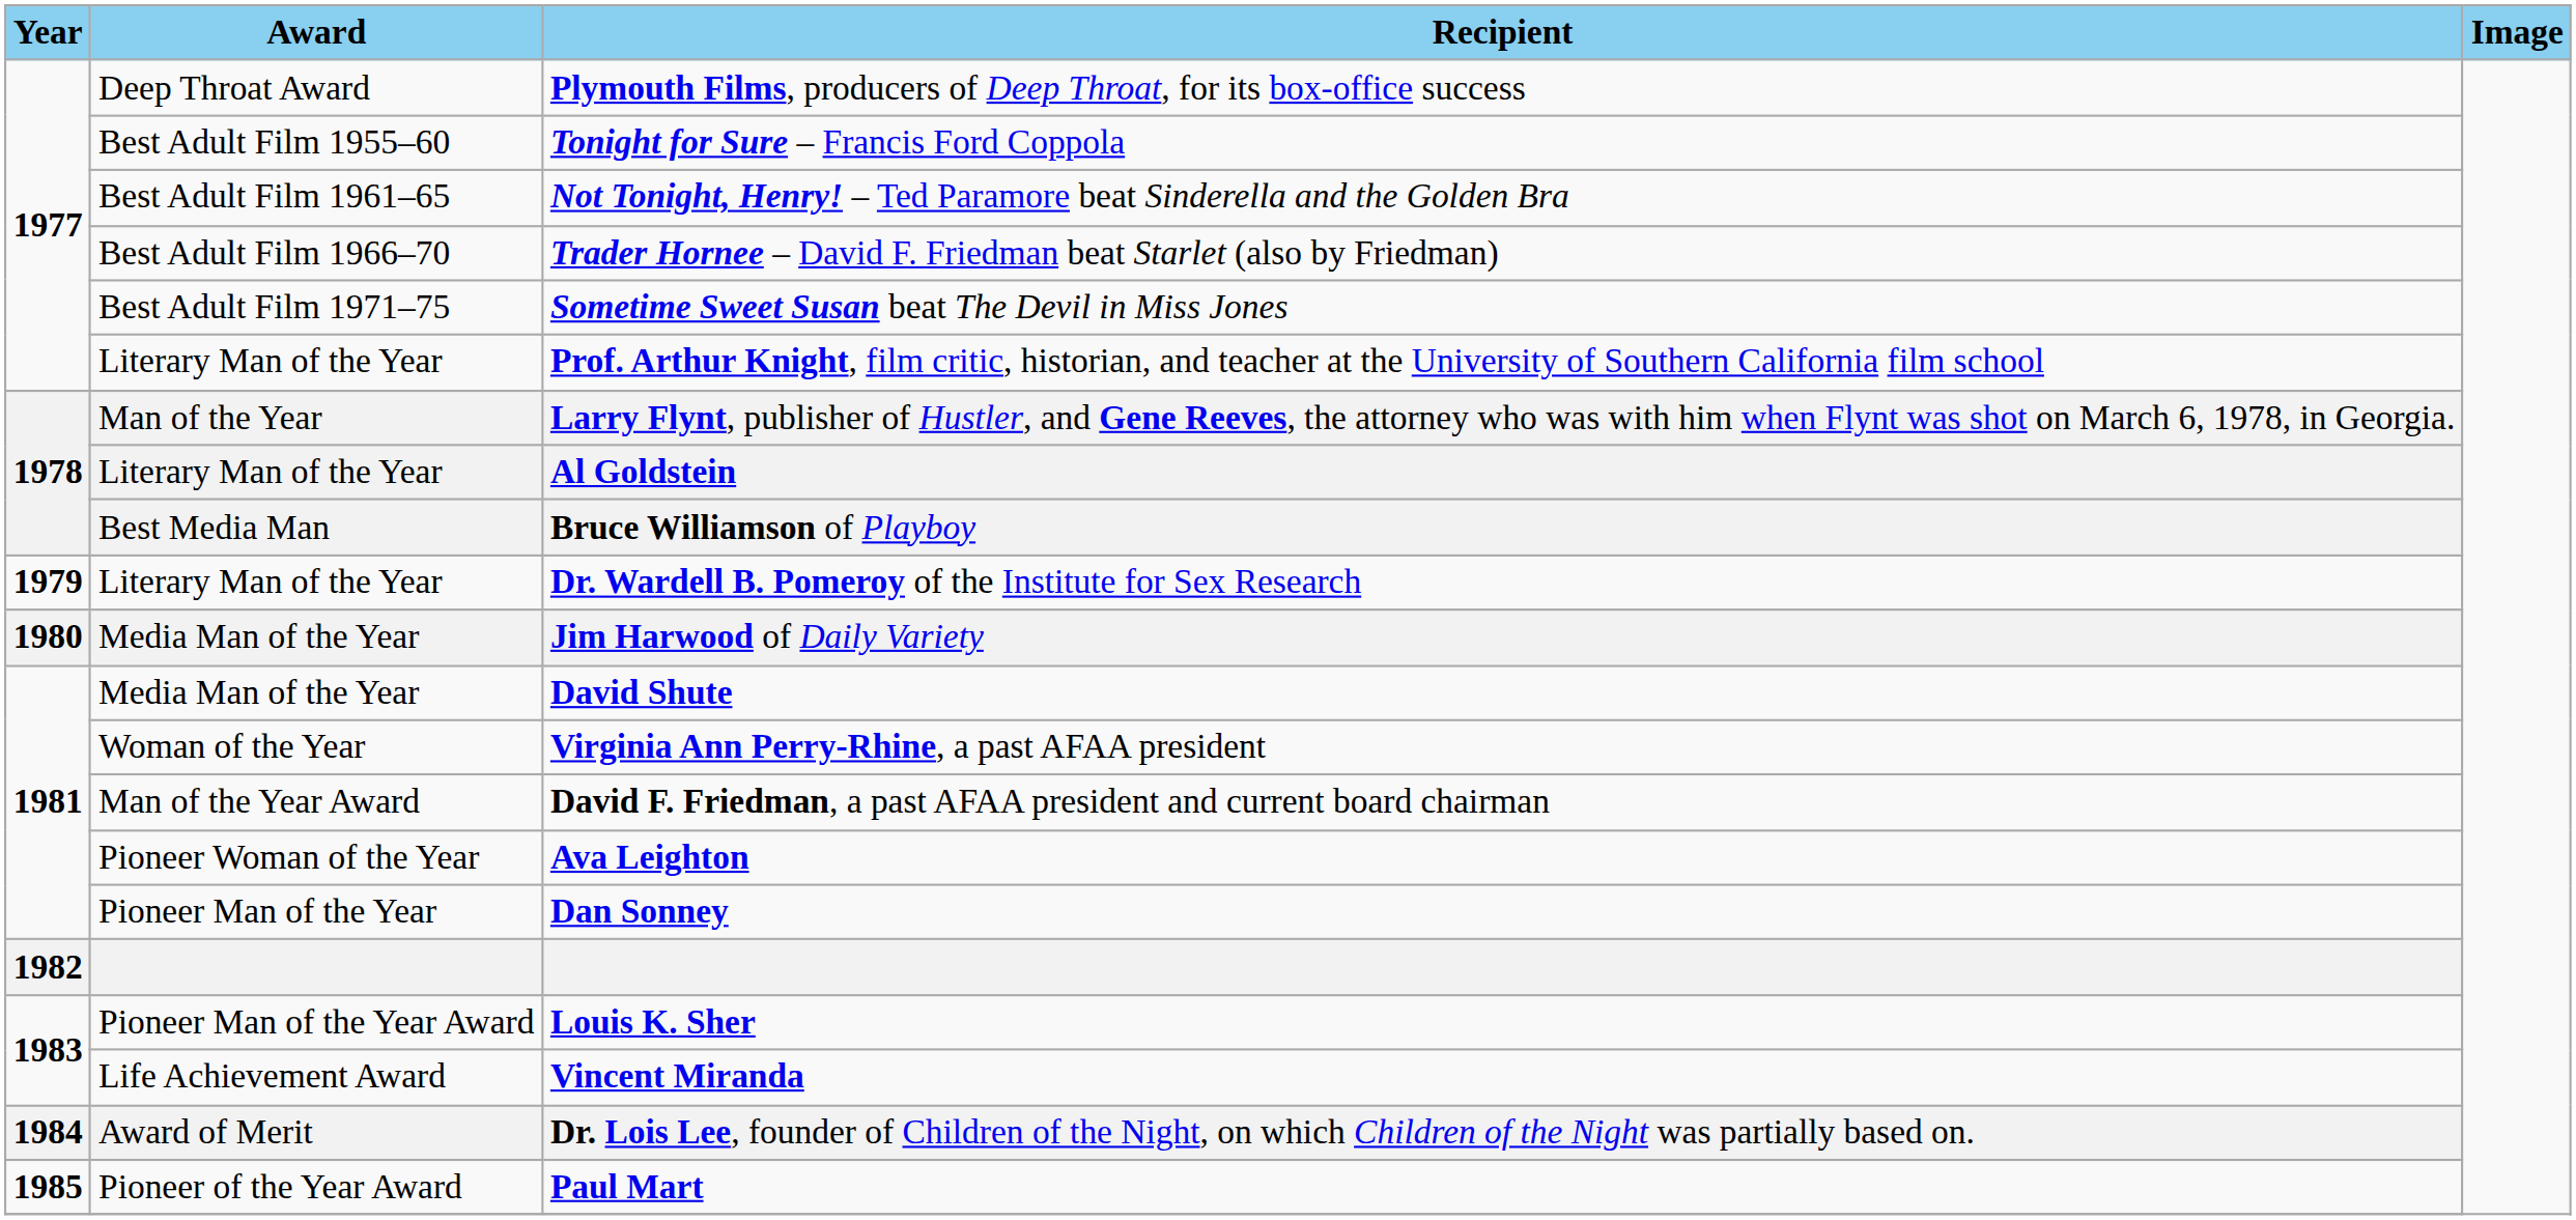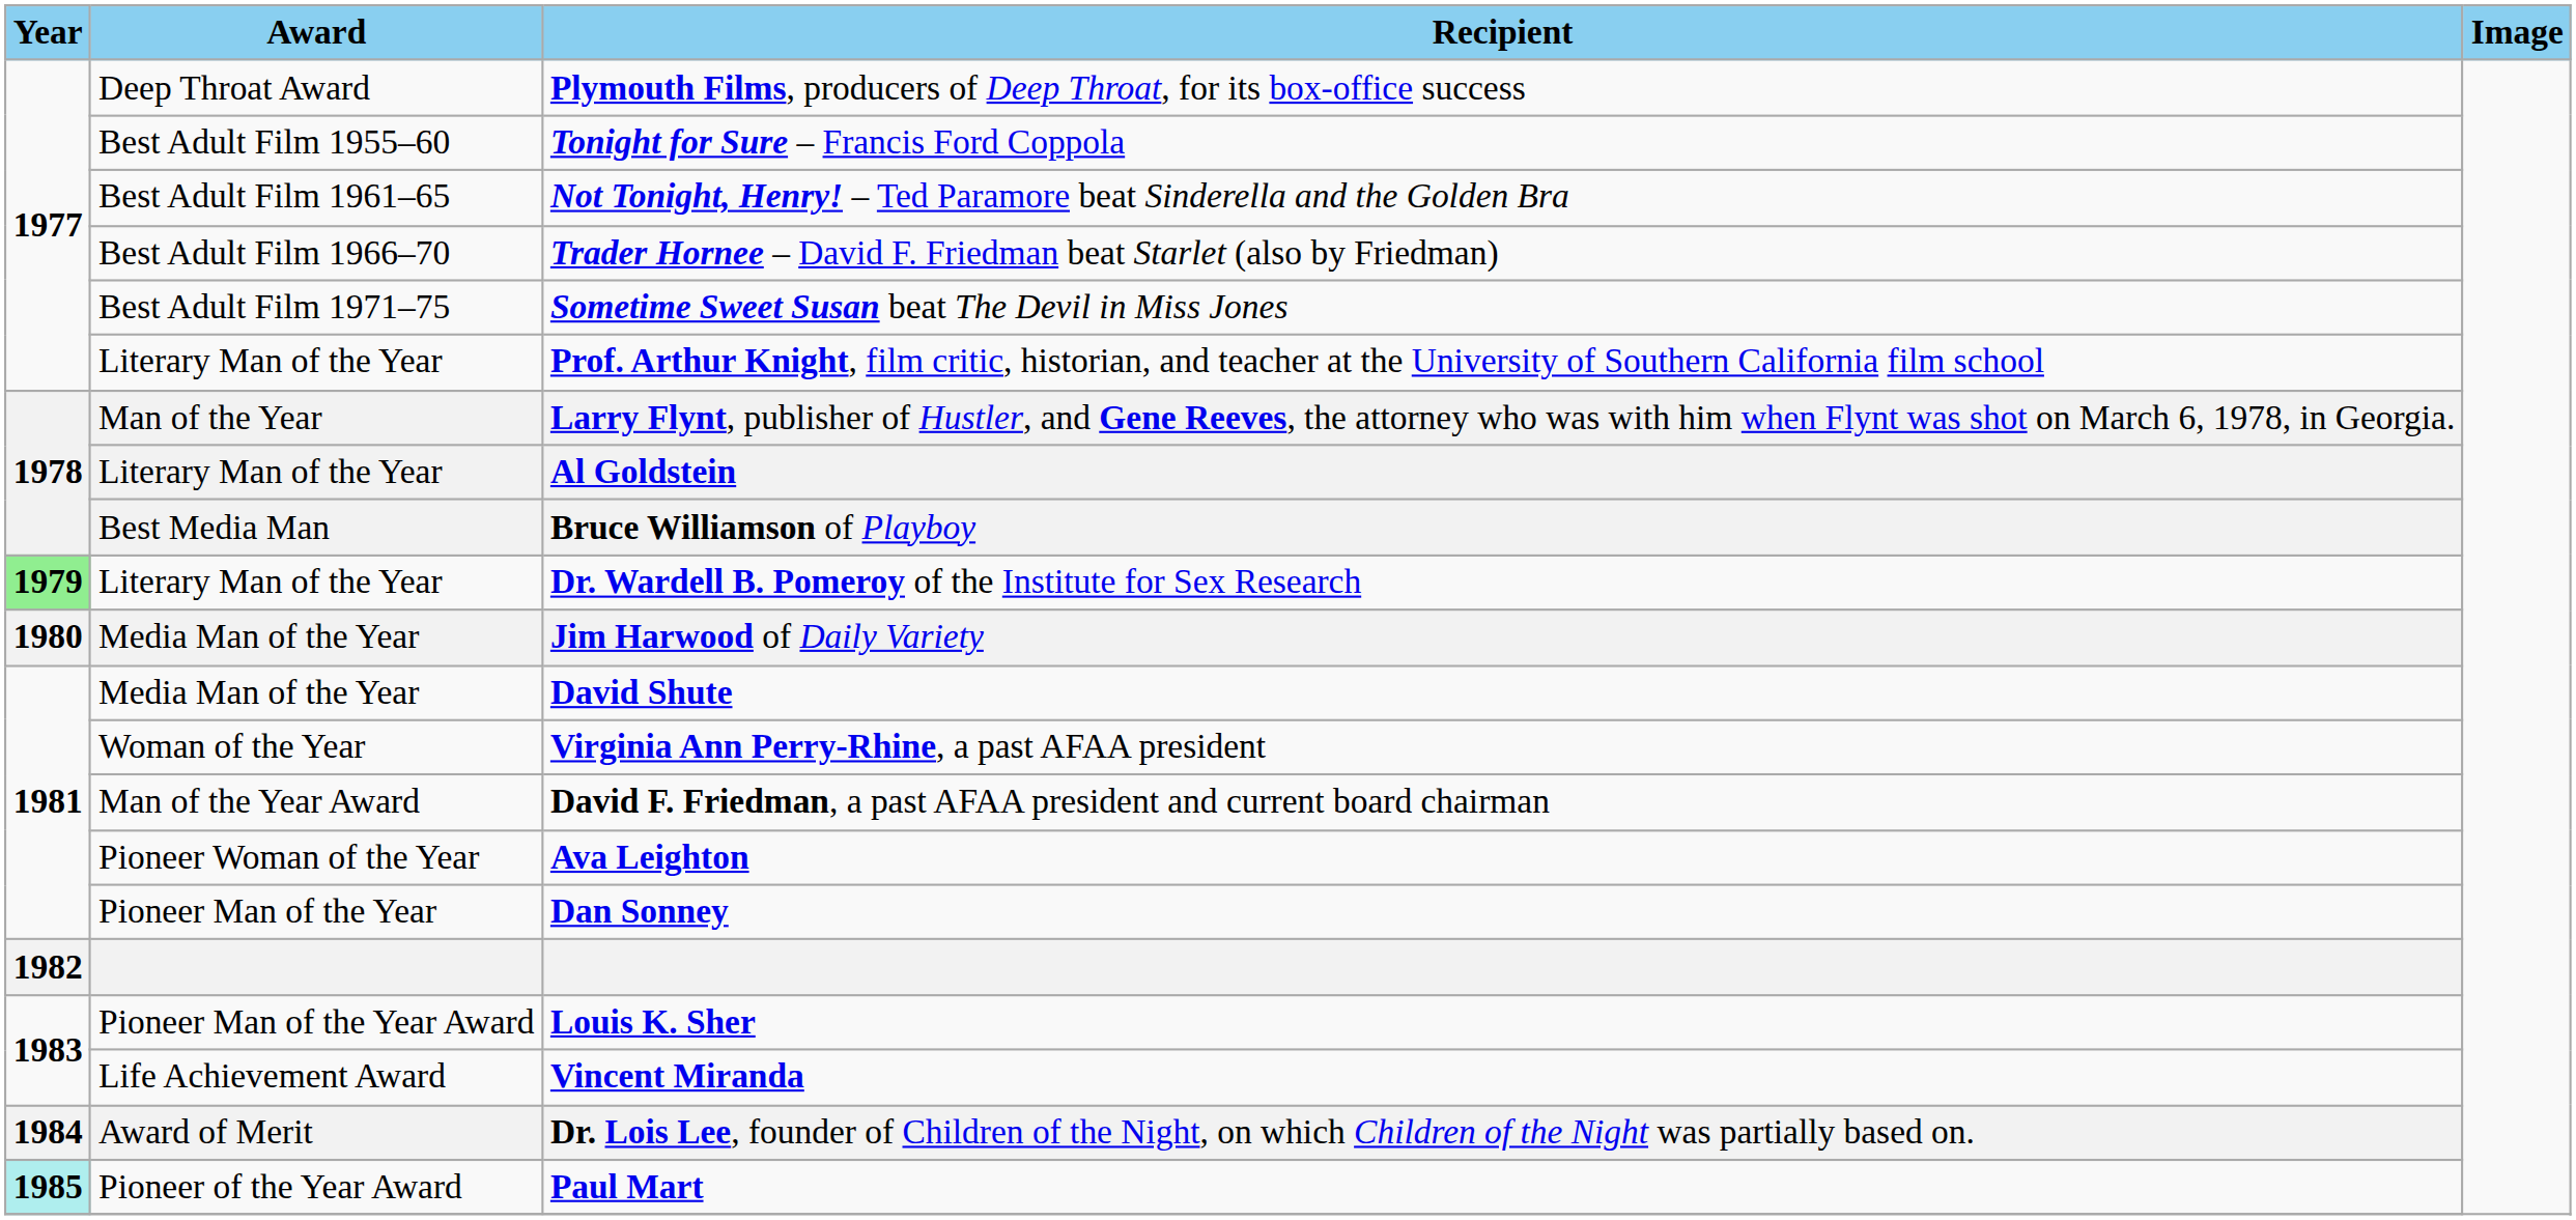 <table class="wikitable">
 <tr>
 <th style="background:#89CFF0">Year</th>
 <th style="background:#89CFF0">Award</th>
 <th style="background:#89CFF0">Recipient</th>
 <th style="background:#89CFF0">Image</th>
 </tr>
 <tr>
 <td rowspan=6><strong>1977</strong></td>
 <td>Deep Throat Award</td>
 <td><strong><a href='#'>Plymouth Films</a></strong>, producers of <em><a href='#'>Deep Throat</a></em>, for its <a href='#'>box-office</a> success</td>
 <td rowspan=22></td>
 </tr>
 <tr>
 <td>Best Adult Film 1955–60</td>
 <td><strong><em><a href='#'>Tonight for Sure</a></em></strong> – <a href='#'>Francis Ford Coppola</a> </td>
 </tr>
 <tr>
 <td>Best Adult Film 1961–65</td>
 <td><strong><em><a href='#'>Not Tonight, Henry!</a></em></strong> – <a href='#'>Ted Paramore</a> beat <em>Sinderella and the Golden Bra</em> </td>
 </tr>
 <tr>
 <td>Best Adult Film 1966–70</td>
 <td><strong><em><a href='#'>Trader Hornee</a></em></strong> – <a href='#'>David F. Friedman</a> beat <em>Starlet</em> (also by Friedman)</td>
 </tr>
 <tr>
 <td>Best Adult Film 1971–75</td>
 <td><strong><em><a href='#'>Sometime Sweet Susan</a></em></strong> beat <em>The Devil in Miss Jones</em></td>
 </tr>
 <tr>
 <td>Literary Man of the Year</td>
 <td><strong><a href='#'>Prof. Arthur Knight</a></strong>, <a href='#'>film critic</a>, historian, and teacher at the <a href='#'>University of Southern California</a> <a href='#'>film school</a></td>
 </tr>
 <tr>
 <td rowspan=3 style="background:#F2F2F2"><strong>1978</strong></td>
 <td style="background:#F2F2F2">Man of the Year</td>
 <td style="background:#F2F2F2"><strong><a href='#'>Larry Flynt</a></strong>, publisher of <em><a href='#'>Hustler</a></em>, and <strong><a href='#'>Gene Reeves</a></strong>, the attorney who was with him <a href='#'>when Flynt was shot</a> on March 6, 1978, in Georgia.</td>
 </tr>
 <tr>
 <td style="background:#F2F2F2">Literary Man of the Year</td>
 <td style="background:#F2F2F2"><strong><a href='#'>Al Goldstein</a></strong></td>
 </tr>
 <tr>
 <td style="background:#F2F2F2">Best Media Man</td>
 <td style="background:#F2F2F2"><strong>Bruce Williamson</strong> of <em><a href='#'>Playboy</a></em></td>
 </tr>
 <tr>
-<td><strong>1979</strong></td>
+<td style="background: lightgreen;"><strong>1979</strong></td>
 <td>Literary Man of the Year</td>
 <td><strong><a href='#'>Dr. Wardell B. Pomeroy</a></strong> of the <a href='#'>Institute for Sex Research</a></td>
 </tr>
 <tr>
 <td style="background:#F2F2F2"><strong>1980</strong></td>
 <td style="background:#F2F2F2">Media Man of the Year</td>
 <td style="background:#F2F2F2"><strong><a href='#'>Jim Harwood</a></strong> of <em><a href='#'>Daily Variety</a></em></td>
 </tr>
 <tr>
 <td rowspan=5><strong>1981</strong></td>
 <td>Media Man of the Year</td>
 <td><strong><a href='#'>David Shute</a></strong></td>
 </tr>
 <tr>
 <td>Woman of the Year</td>
 <td><strong><a href='#'>Virginia Ann Perry-Rhine</a></strong>, a past AFAA president</td>
 </tr>
 <tr>
 <td>Man of the Year Award</td>
 <td><strong>David F. Friedman</strong>, a past AFAA president and current board chairman</td>
 </tr>
 <tr>
 <td>Pioneer Woman of the Year</td>
 <td><strong><a href='#'>Ava Leighton</a></strong></td>
 </tr>
 <tr>
 <td>Pioneer Man of the Year</td>
 <td><strong><a href='#'>Dan Sonney</a></strong></td>
 </tr>
 <tr>
 <td style="background:#F2F2F2"><strong>1982</strong></td>
 <td style="background:#F2F2F2"></td>
 <td style="background:#F2F2F2"></td>
 </tr>
 <tr>
 <td rowspan=2><strong>1983</strong></td>
 <td>Pioneer Man of the Year Award</td>
 <td><strong><a href='#'>Louis K. Sher</a></strong></td>
 </tr>
 <tr>
 <td>Life Achievement Award</td>
 <td><strong><a href='#'>Vincent Miranda</a></strong></td>
 </tr>
 <tr>
 <td style="background:#F2F2F2"><strong>1984</strong></td>
 <td style="background:#F2F2F2">Award of Merit</td>
 <td style="background:#F2F2F2"><strong>Dr. <a href='#'>Lois Lee</a></strong>, founder of <a href='#'>Children of the Night</a>, on which <em><a href='#'>Children of the Night</a></em> was partially based on.</td>
 </tr>
 <tr>
-<td><strong>1985</strong></td>
+<td style="background: paleturquoise;"><strong>1985</strong></td>
 <td>Pioneer of the Year Award</td>
 <td><strong><a href='#'>Paul Mart</a></strong></td>
 </tr>
 <tr>
 </tr>
 </table>
